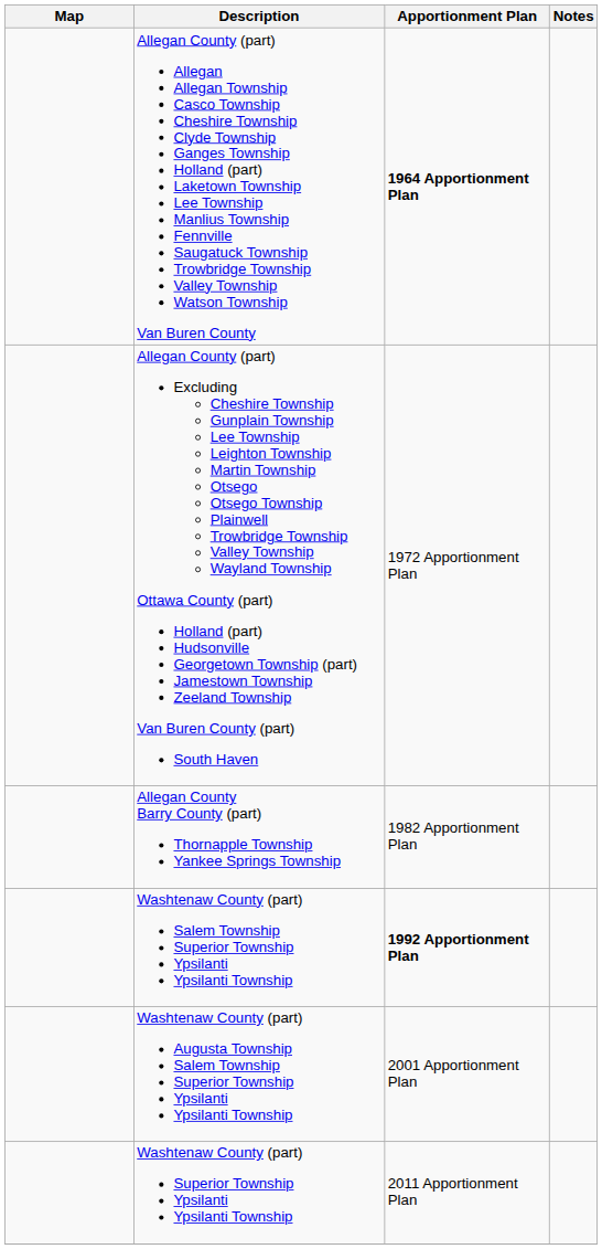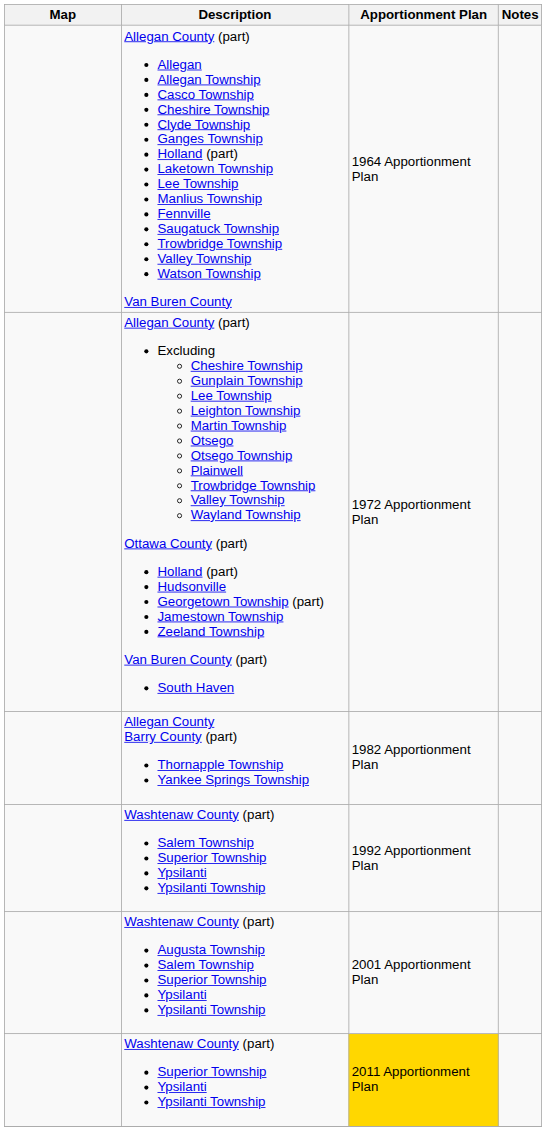 <table class="wikitable sortable">
 <tr>
 <th style="width:100pt;">Map</th>
 <th style="width:200pt;">Description</th>
 <th style="width:130pt;">Apportionment Plan</th>
 <th style="width:15pt;">Notes</th>
 </tr>
 <tr>
 <td></td>
 <td><a href='#'>Allegan County</a> (part)<br><ul><li><a href='#'>Allegan</a></li><li><a href='#'>Allegan Township</a></li><li><a href='#'>Casco Township</a></li><li><a href='#'>Cheshire Township</a></li><li><a href='#'>Clyde Township</a></li><li><a href='#'>Ganges Township</a></li><li><a href='#'>Holland</a> (part)</li><li><a href='#'>Laketown Township</a></li><li><a href='#'>Lee Township</a></li><li><a href='#'>Manlius Township</a></li><li><a href='#'>Fennville</a></li><li><a href='#'>Saugatuck Township</a></li><li><a href='#'>Trowbridge Township</a></li><li><a href='#'>Valley Township</a></li><li><a href='#'>Watson Township</a></li></ul><a href='#'>Van Buren County</a></td>
-<td><strong>1964 Apportionment Plan</strong></td>
+<td>1964 Apportionment Plan</td>
 <td></td>
 </tr>
 <tr>
 <td></td>
 <td><a href='#'>Allegan County</a> (part)<br><ul><li>Excluding<ul><li><a href='#'>Cheshire Township</a></li><li><a href='#'>Gunplain Township</a></li><li><a href='#'>Lee Township</a></li><li><a href='#'>Leighton Township</a></li><li><a href='#'>Martin Township</a></li><li><a href='#'>Otsego</a></li><li><a href='#'>Otsego Township</a></li><li><a href='#'>Plainwell</a></li><li><a href='#'>Trowbridge Township</a></li><li><a href='#'>Valley Township</a></li><li><a href='#'>Wayland Township</a></li></ul></li></ul><a href='#'>Ottawa County</a> (part)<ul><li><a href='#'>Holland</a> (part)</li><li><a href='#'>Hudsonville</a></li><li><a href='#'>Georgetown Township</a> (part)</li><li><a href='#'>Jamestown Township</a></li><li><a href='#'>Zeeland Township</a></li></ul><a href='#'>Van Buren County</a> (part)<ul><li><a href='#'>South Haven</a></li></ul></td>
 <td>1972 Apportionment Plan</td>
 <td></td>
 </tr>
 <tr>
 <td></td>
 <td><a href='#'>Allegan County</a><br><a href='#'>Barry County</a> (part)<ul><li><a href='#'>Thornapple Township</a></li><li><a href='#'>Yankee Springs Township</a></li></ul></td>
 <td>1982 Apportionment Plan</td>
 <td></td>
 </tr>
 <tr>
 <td></td>
 <td><a href='#'>Washtenaw County</a> (part)<br><ul><li><a href='#'>Salem Township</a></li><li><a href='#'>Superior Township</a></li><li><a href='#'>Ypsilanti</a></li><li><a href='#'>Ypsilanti Township</a></li></ul></td>
-<td><strong>1992 Apportionment Plan</strong></td>
+<td>1992 Apportionment Plan</td>
 <td></td>
 </tr>
 <tr>
 <td></td>
 <td><a href='#'>Washtenaw County</a> (part)<br><ul><li><a href='#'>Augusta Township</a></li><li><a href='#'>Salem Township</a></li><li><a href='#'>Superior Township</a></li><li><a href='#'>Ypsilanti</a></li><li><a href='#'>Ypsilanti Township</a></li></ul></td>
 <td>2001 Apportionment Plan</td>
 <td></td>
 </tr>
 <tr>
 <td></td>
 <td><a href='#'>Washtenaw County</a> (part)<br><ul><li><a href='#'>Superior Township</a></li><li><a href='#'>Ypsilanti</a></li><li><a href='#'>Ypsilanti Township</a></li></ul></td>
-<td>2011 Apportionment Plan</td>
+<td style="background: gold;">2011 Apportionment Plan</td>
 <td></td>
 </tr>
 <tr>
 </tr>
 </table>
